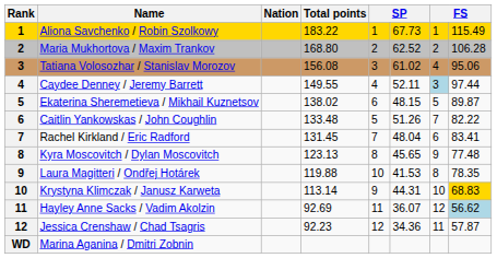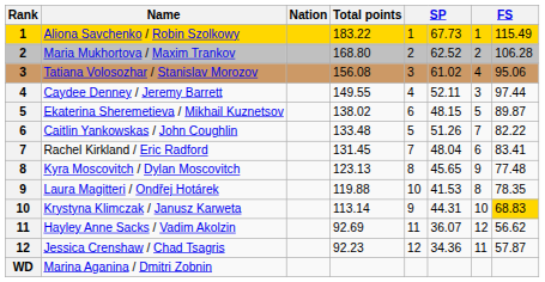 <table class="wikitable">
 <tr>
 <th>Rank</th>
 <th>Name</th>
 <th>Nation</th>
 <th>Total points</th>
 <th colspan="2" width="80px"><a href='#'>SP</a></th>
 <th colspan="2" width="80px"><a href='#'>FS</a></th>
 </tr>
 <tr bgcolor="gold">
 <td align="center"><strong>1</strong></td>
 <td><a href='#'>Aliona Savchenko</a> / <a href='#'>Robin Szolkowy</a></td>
 <td></td>
 <td>183.22</td>
 <td>1</td>
 <td>67.73</td>
 <td>1</td>
 <td>115.49</td>
 </tr>
 <tr bgcolor="silver">
 <td align="center"><strong>2</strong></td>
 <td><a href='#'>Maria Mukhortova</a> / <a href='#'>Maxim Trankov</a></td>
 <td></td>
 <td>168.80</td>
 <td>2</td>
 <td>62.52</td>
 <td>2</td>
 <td>106.28</td>
 </tr>
 <tr bgcolor="cc9966">
 <td align="center"><strong>3</strong></td>
 <td><a href='#'>Tatiana Volosozhar</a> / <a href='#'>Stanislav Morozov</a></td>
 <td></td>
 <td>156.08</td>
 <td>3</td>
 <td>61.02</td>
 <td>4</td>
 <td>95.06</td>
 </tr>
 <tr>
 <th>4</th>
 <td><a href='#'>Caydee Denney</a> / <a href='#'>Jeremy Barrett</a></td>
 <td></td>
 <td>149.55</td>
 <td>4</td>
 <td>52.11</td>
-<td style="background: lightblue;">3</td>
+<td>3</td>
 <td>97.44</td>
 </tr>
 <tr>
 <th>5</th>
 <td><a href='#'>Ekaterina Sheremetieva</a> / <a href='#'>Mikhail Kuznetsov</a></td>
 <td></td>
 <td>138.02</td>
 <td>6</td>
 <td>48.15</td>
 <td>5</td>
 <td>89.87</td>
 </tr>
 <tr>
 <th>6</th>
 <td><a href='#'>Caitlin Yankowskas</a> / <a href='#'>John Coughlin</a></td>
 <td></td>
 <td>133.48</td>
 <td>5</td>
 <td>51.26</td>
 <td>7</td>
 <td>82.22</td>
 </tr>
 <tr>
 <th>7</th>
 <td>Rachel Kirkland / <a href='#'>Eric Radford</a></td>
 <td></td>
 <td>131.45</td>
 <td>7</td>
 <td>48.04</td>
 <td>6</td>
 <td>83.41</td>
 </tr>
 <tr>
 <th>8</th>
 <td><a href='#'>Kyra Moscovitch</a> / <a href='#'>Dylan Moscovitch</a></td>
 <td></td>
 <td>123.13</td>
 <td>8</td>
 <td>45.65</td>
 <td>9</td>
 <td>77.48</td>
 </tr>
 <tr>
 <th>9</th>
 <td><a href='#'>Laura Magitteri</a> / <a href='#'>Ondřej Hotárek</a></td>
 <td></td>
 <td>119.88</td>
 <td>10</td>
 <td>41.53</td>
 <td>8</td>
 <td>78.35</td>
 </tr>
 <tr>
 <th>10</th>
 <td><a href='#'>Krystyna Klimczak</a> / <a href='#'>Janusz Karweta</a></td>
 <td></td>
 <td>113.14</td>
 <td>9</td>
 <td>44.31</td>
 <td>10</td>
 <td style="background: gold;">68.83</td>
 </tr>
 <tr>
 <th>11</th>
 <td><a href='#'>Hayley Anne Sacks</a> / <a href='#'>Vadim Akolzin</a></td>
 <td></td>
 <td>92.69</td>
 <td>11</td>
 <td>36.07</td>
 <td>12</td>
-<td style="background: lightblue;">56.62</td>
+<td>56.62</td>
 </tr>
 <tr>
 <th>12</th>
 <td><a href='#'>Jessica Crenshaw</a> / <a href='#'>Chad Tsagris</a></td>
 <td></td>
 <td>92.23</td>
 <td>12</td>
 <td>34.36</td>
 <td>11</td>
 <td>57.87</td>
 </tr>
 <tr>
 <th>WD</th>
 <td><a href='#'>Marina Aganina</a> / <a href='#'>Dmitri Zobnin</a></td>
 <td></td>
 <td></td>
 <td></td>
 <td></td>
 <td></td>
 <td></td>
 </tr>
 </table>
